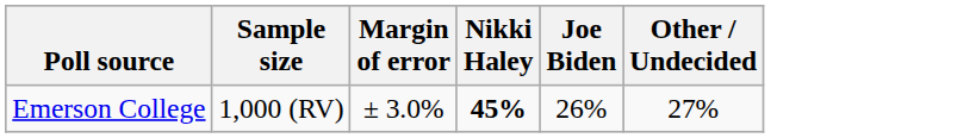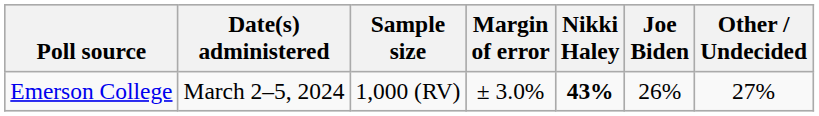 <table class="wikitable sortable mw-datatable" style="font-size:90%;text-align:center;line-height:17px">
 <tr valign=bottom>
 <th>Poll source</th>
+<th>Date(s)<br>administered</th>
 <th>Sample<br>size</th>
 <th>Margin<br>of error</th>
 <th class="unsortable">Nikki<br>Haley<br></th>
 <th class="unsortable">Joe<br>Biden<br></th>
 <th class="unsortable">Other /<br>Undecided</th>
 </tr>
 <tr>
 <td style="text-align:left;"><a href='#'>Emerson College</a></td>
+<td data-sort-value="2024-03-07">March 2–5, 2024</td>
 <td>1,000 (RV)</td>
 <td>± 3.0%</td>
-<td style="background-color:"><strong>45%</strong></td>
+<td style="background-color:"><strong>43%</strong></td>
 <td>26%</td>
 <td>27%</td>
 </tr>
 </table>
